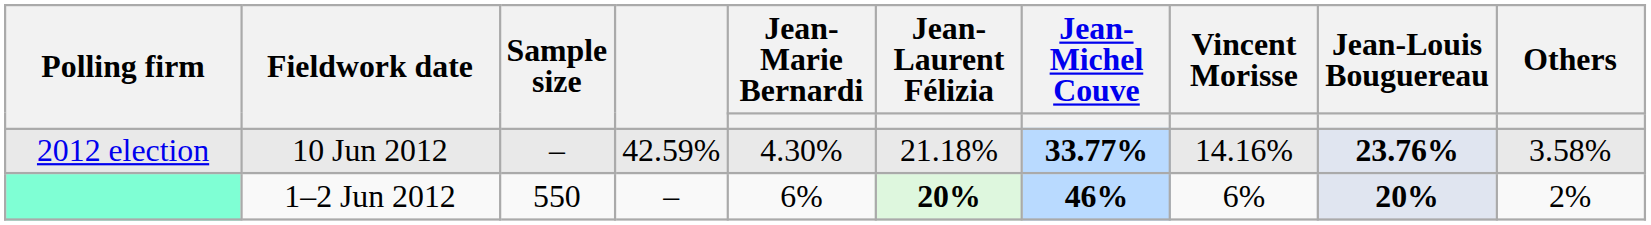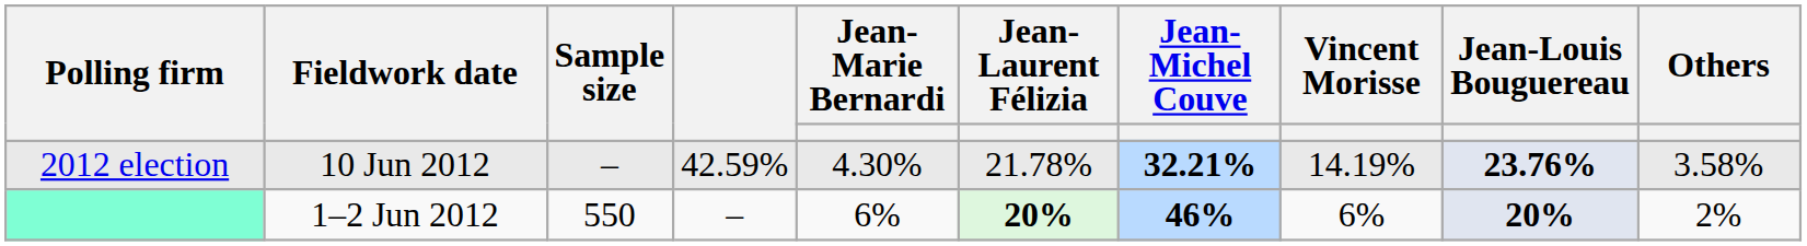 <table class="wikitable sortable" style="text-align:center;font-size:90%;line-height:14px;">
 <tr style="height:40px;">
 <th style="width:100px;" rowspan="2">Polling firm</th>
 <th style="width:110px;" rowspan="2">Fieldwork date</th>
 <th style="width:35px;" rowspan="2">Sample<br>size</th>
 <th style="width:30px;" rowspan="2"></th>
 <th class="unsortable" style="width:60px;">Jean-Marie Bernardi<br></th>
 <th class="unsortable" style="width:60px;">Jean-Laurent Félizia<br></th>
 <th class="unsortable" style="width:60px;"><a href='#'>Jean-Michel Couve</a><br></th>
 <th class="unsortable" style="width:60px;">Vincent Morisse<br></th>
 <th class="unsortable" style="width:60px;">Jean-Louis Bouguereau<br></th>
 <th class="unsortable" style="width:60px;">Others</th>
 </tr>
 <tr>
 <th style="background:"></th>
 <th style="background:"></th>
 <th style="background:"></th>
 <th style="background:"></th>
 <th style="background:"></th>
 <th style="background:"></th>
 </tr>
 <tr style="background:#E9E9E9;">
 <td><a href='#'>2012 election</a></td>
 <td data-sort-value="2012-06-10">10 Jun 2012</td>
 <td>–</td>
 <td>42.59%</td>
 <td>4.30%</td>
-<td>21.18%</td>
-<td style="background:#B9DAFF;"><strong>33.77%</strong></td>
-<td>14.16%</td>
+<td>21.78%</td>
+<td style="background:#B9DAFF;"><strong>32.21%</strong></td>
+<td>14.19%</td>
 <td style="background:#E0E5F0;"><strong>23.76%</strong></td>
 <td>3.58%</td>
 </tr>
 <tr>
 <td style="background:aquamarine;"></td>
 <td data-sort-value="2012-06-02">1–2 Jun 2012</td>
 <td>550</td>
 <td>–</td>
 <td>6%</td>
 <td style="background:#DEF7DE;"><strong>20%</strong></td>
 <td style="background:#B9DAFF;"><strong>46%</strong></td>
 <td>6%</td>
 <td style="background:#E0E5F0;"><strong>20%</strong></td>
 <td>2%</td>
 </tr>
 </table>
